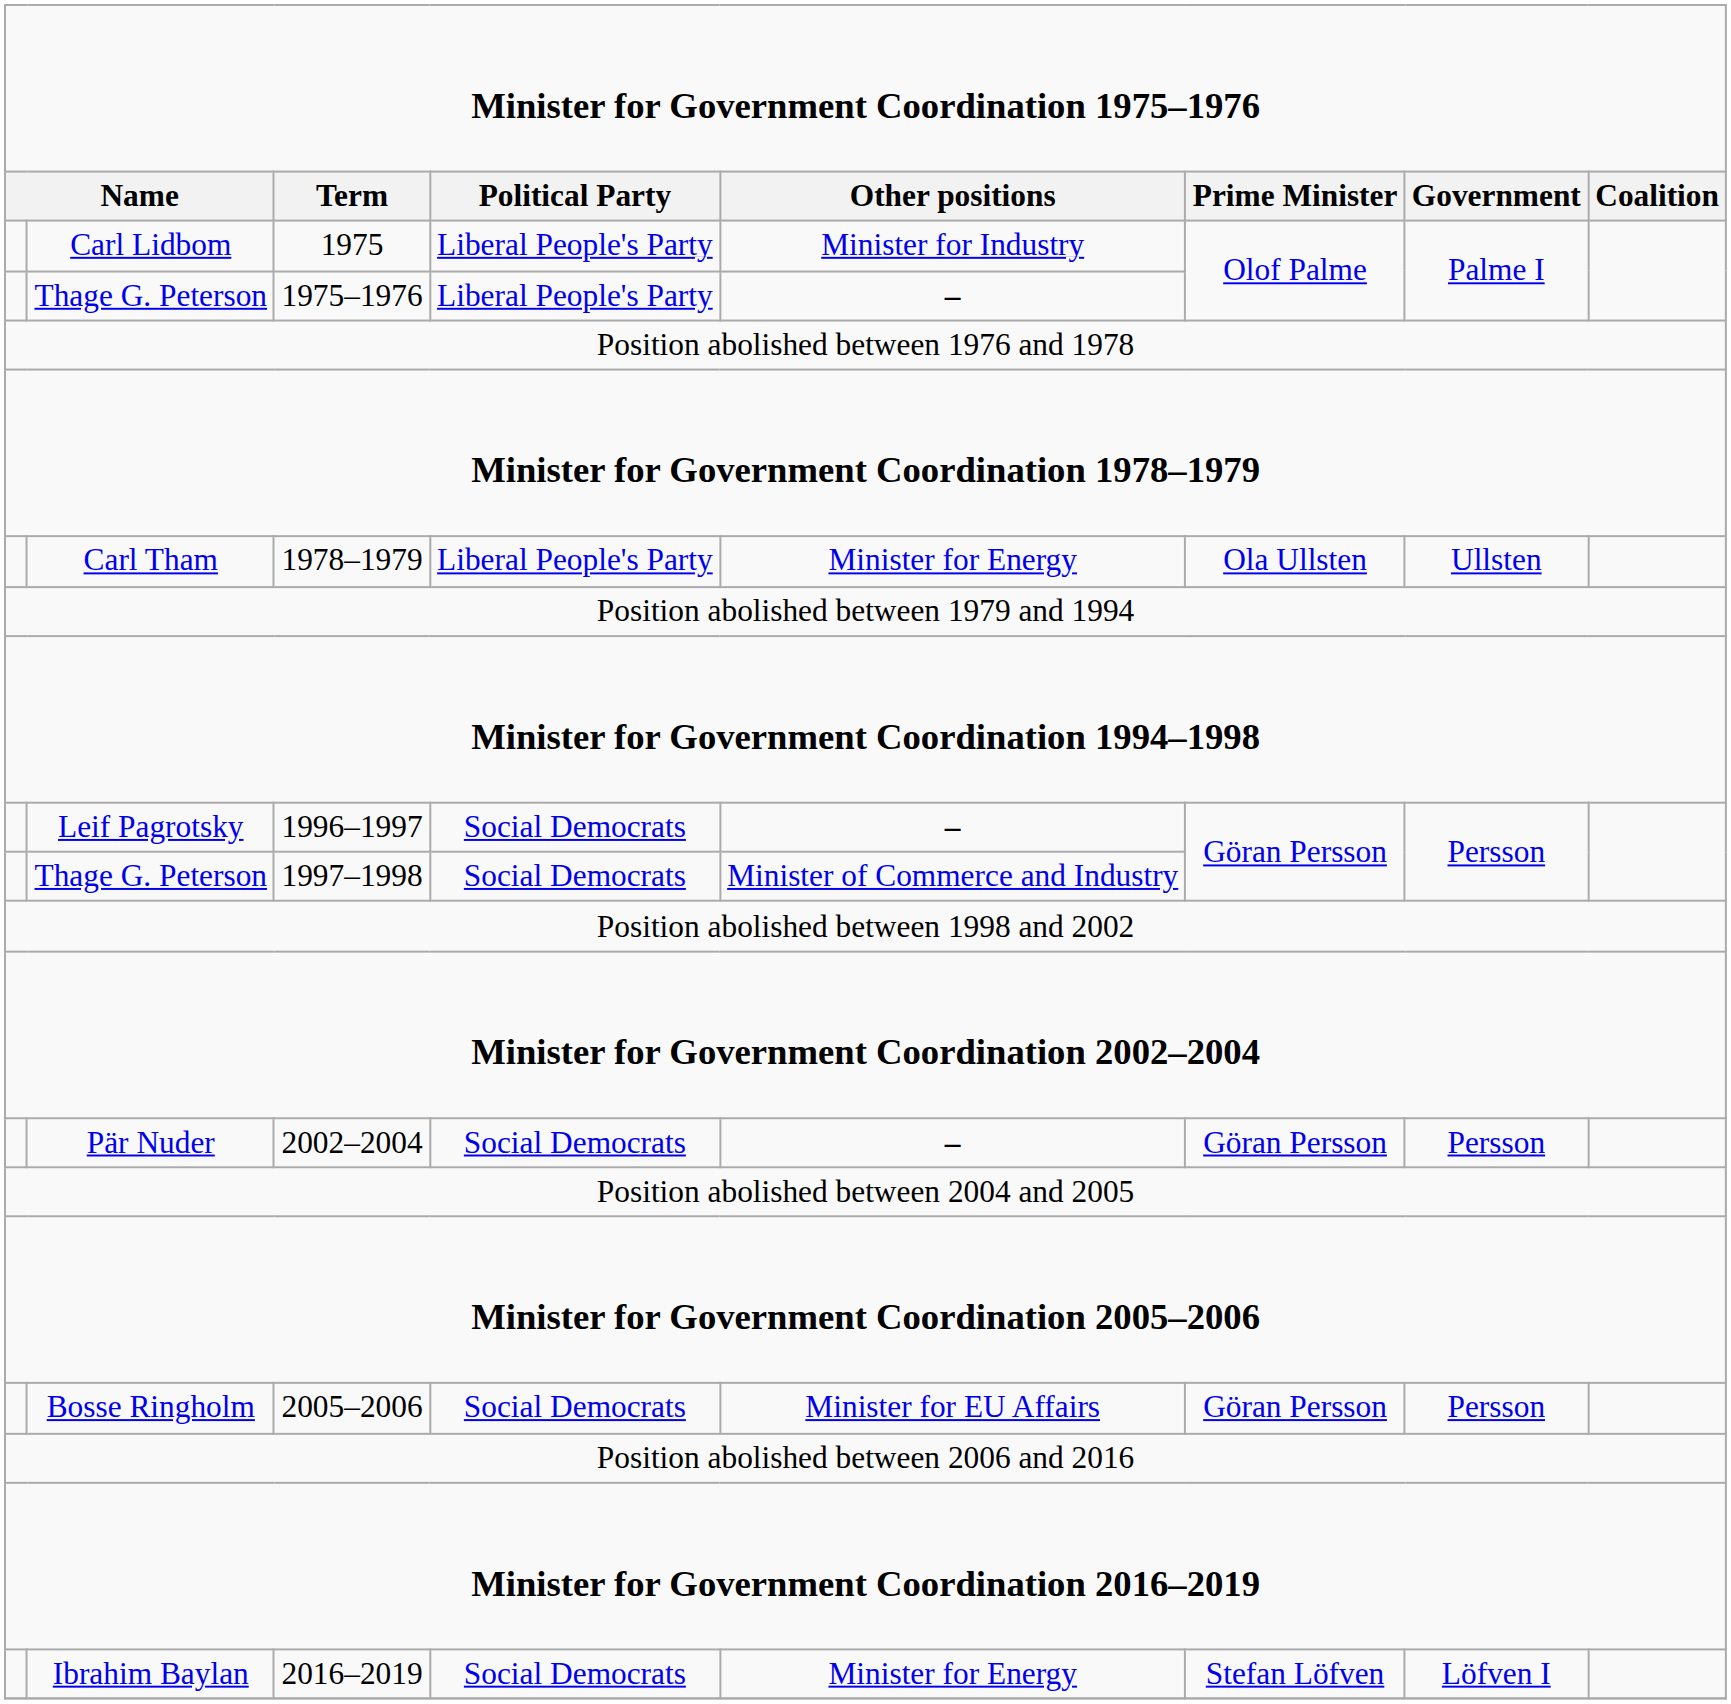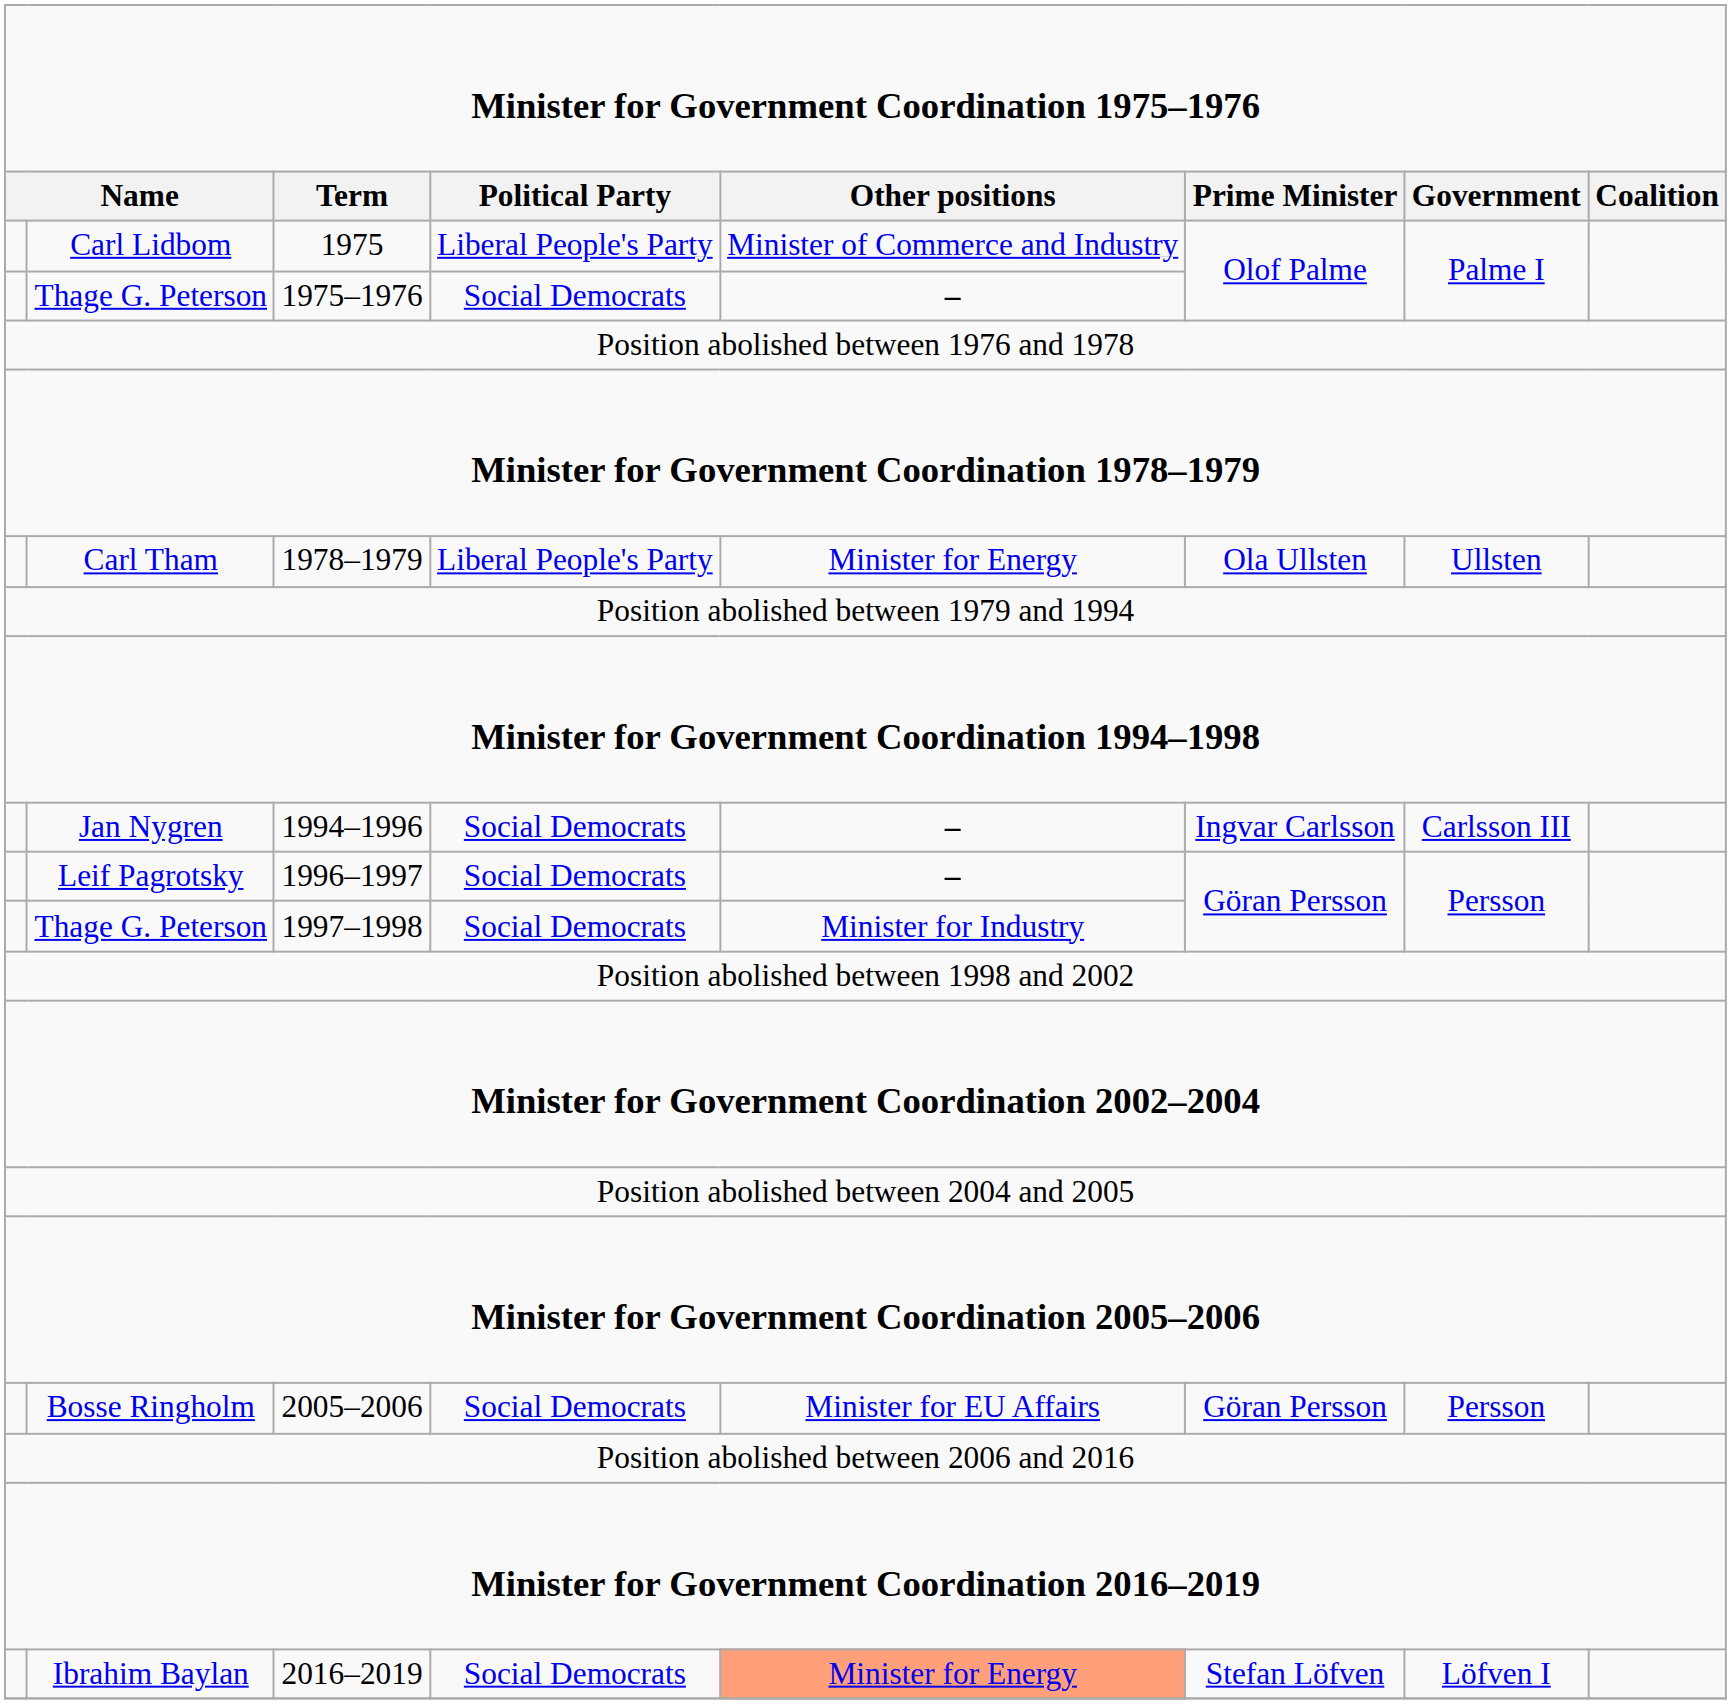 <table class="wikitable" style="text-align:center;">
 <tr>
 <td colspan="8"><br><h3>Minister for Government Coordination 1975–1976</h3></td>
 </tr>
 <tr>
 <th colspan="2">Name</th>
 <th>Term</th>
 <th>Political Party</th>
 <th>Other positions</th>
 <th>Prime Minister</th>
 <th>Government</th>
 <th>Coalition</th>
 </tr>
 <tr>
 <td bgcolor=> </td>
 <td><a href='#'>Carl Lidbom</a></td>
 <td>1975</td>
 <td><a href='#'>Liberal People's Party</a></td>
-<td><a href='#'>Minister for Industry</a></td>
+<td><a href='#'>Minister of Commerce and Industry</a></td>
 <td rowspan="2"><a href='#'>Olof Palme</a></td>
 <td rowspan="2"><a href='#'>Palme I</a></td>
 <td rowspan="2"></td>
 </tr>
 <tr>
 <td bgcolor=> </td>
 <td><a href='#'>Thage G. Peterson</a></td>
 <td>1975–1976</td>
-<td><a href='#'>Liberal People's Party</a></td>
+<td><a href='#'>Social Democrats</a></td>
 <td><strong>–</strong></td>
 </tr>
 <tr>
 <td colspan="8">Position abolished between 1976 and 1978</td>
 </tr>
 <tr>
 <td colspan="8"><br><h3>Minister for Government Coordination 1978–1979</h3></td>
 </tr>
 <tr>
 <td bgcolor=> </td>
 <td><a href='#'>Carl Tham</a></td>
 <td>1978–1979</td>
 <td><a href='#'>Liberal People's Party</a></td>
 <td><a href='#'>Minister for Energy</a></td>
 <td><a href='#'>Ola Ullsten</a></td>
 <td><a href='#'>Ullsten</a></td>
 <td></td>
 </tr>
 <tr>
 <td colspan="8">Position abolished between 1979 and 1994</td>
 </tr>
 <tr>
 <td colspan="8"><br><h3>Minister for Government Coordination 1994–1998</h3></td>
 </tr>
 <tr>
 <td bgcolor=> </td>
+<td><a href='#'>Jan Nygren</a></td>
+<td>1994–1996</td>
+<td><a href='#'>Social Democrats</a></td>
+<td><strong>–</strong></td>
+<td><a href='#'>Ingvar Carlsson</a></td>
+<td><a href='#'>Carlsson III</a></td>
+<td></td>
+</tr>
+<tr>
+<td bgcolor=> </td>
 <td><a href='#'>Leif Pagrotsky</a></td>
 <td>1996–1997</td>
 <td><a href='#'>Social Democrats</a></td>
 <td><strong>–</strong></td>
 <td rowspan="2"><a href='#'>Göran Persson</a></td>
 <td rowspan="2"><a href='#'>Persson</a></td>
 <td rowspan="2"></td>
 </tr>
 <tr>
 <td bgcolor=> </td>
 <td><a href='#'>Thage G. Peterson</a></td>
 <td>1997–1998</td>
 <td><a href='#'>Social Democrats</a></td>
-<td><a href='#'>Minister of Commerce and Industry</a></td>
+<td><a href='#'>Minister for Industry</a></td>
 </tr>
 <tr>
 <td colspan="8">Position abolished between 1998 and 2002</td>
 </tr>
 <tr>
 <td colspan="8"><br><h3>Minister for Government Coordination 2002–2004</h3></td>
-</tr>
-<tr>
-<td bgcolor=> </td>
-<td><a href='#'>Pär Nuder</a></td>
-<td>2002–2004</td>
-<td><a href='#'>Social Democrats</a></td>
-<td><strong>–</strong></td>
-<td><a href='#'>Göran Persson</a></td>
-<td><a href='#'>Persson</a></td>
-<td></td>
 </tr>
 <tr>
 <td colspan="8">Position abolished between 2004 and 2005</td>
 </tr>
 <tr>
 <td colspan="8"><br><h3>Minister for Government Coordination 2005–2006</h3></td>
 </tr>
 <tr>
 <td bgcolor=> </td>
 <td><a href='#'>Bosse Ringholm</a></td>
 <td>2005–2006</td>
 <td><a href='#'>Social Democrats</a></td>
 <td><a href='#'>Minister for EU Affairs</a></td>
 <td><a href='#'>Göran Persson</a></td>
 <td><a href='#'>Persson</a></td>
 <td></td>
 </tr>
 <tr>
 <td colspan="8">Position abolished between 2006 and 2016</td>
 </tr>
 <tr>
 <td colspan="8"><br><h3>Minister for Government Coordination 2016–2019</h3></td>
 </tr>
 <tr>
 <td bgcolor=> </td>
 <td><a href='#'>Ibrahim Baylan</a></td>
 <td>2016–2019</td>
 <td><a href='#'>Social Democrats</a></td>
-<td><a href='#'>Minister for Energy</a></td>
+<td style="background: lightsalmon;"><a href='#'>Minister for Energy</a></td>
 <td><a href='#'>Stefan Löfven</a></td>
 <td><a href='#'>Löfven I</a></td>
 <td></td>
 </tr>
 <tr>
 </tr>
 </table>
